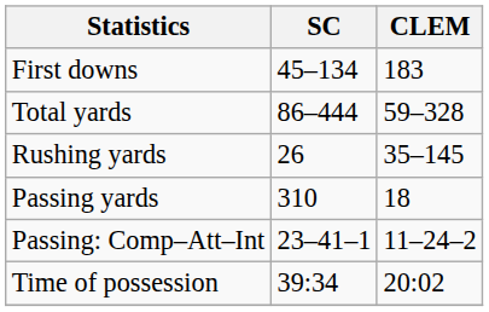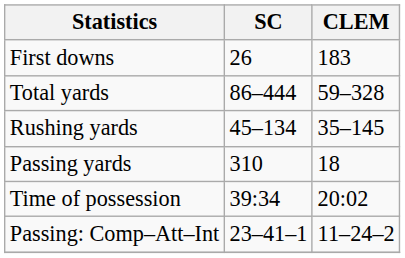 <table class="wikitable" style="float: left;">
 <tr>
 <th>Statistics</th>
 <th>SC</th>
 <th>CLEM</th>
 </tr>
 <tr>
 <td>First downs</td>
-<td>45–134</td>
+<td>26</td>
 <td>183</td>
 </tr>
 <tr>
 <td>Total yards</td>
 <td>86–444</td>
 <td>59–328</td>
 </tr>
 <tr>
 <td>Rushing yards</td>
-<td>26</td>
+<td>45–134</td>
 <td>35–145</td>
 </tr>
 <tr>
 <td>Passing yards</td>
 <td>310</td>
 <td>18</td>
 </tr>
 <tr>
+<td>Time of possession</td>
+<td>39:34</td>
+<td>20:02</td>
+</tr>
+<tr>
 <td>Passing: Comp–Att–Int</td>
 <td>23–41–1</td>
 <td>11–24–2</td>
 </tr>
 <tr>
-<td>Time of possession</td>
-<td>39:34</td>
-<td>20:02</td>
-</tr>
-<tr>
 </tr>
 </table>
